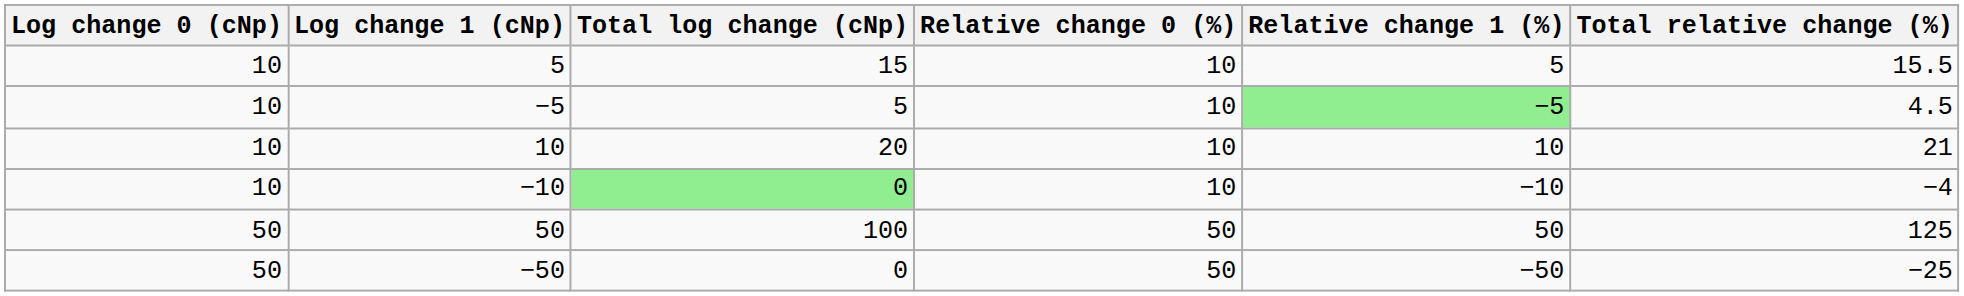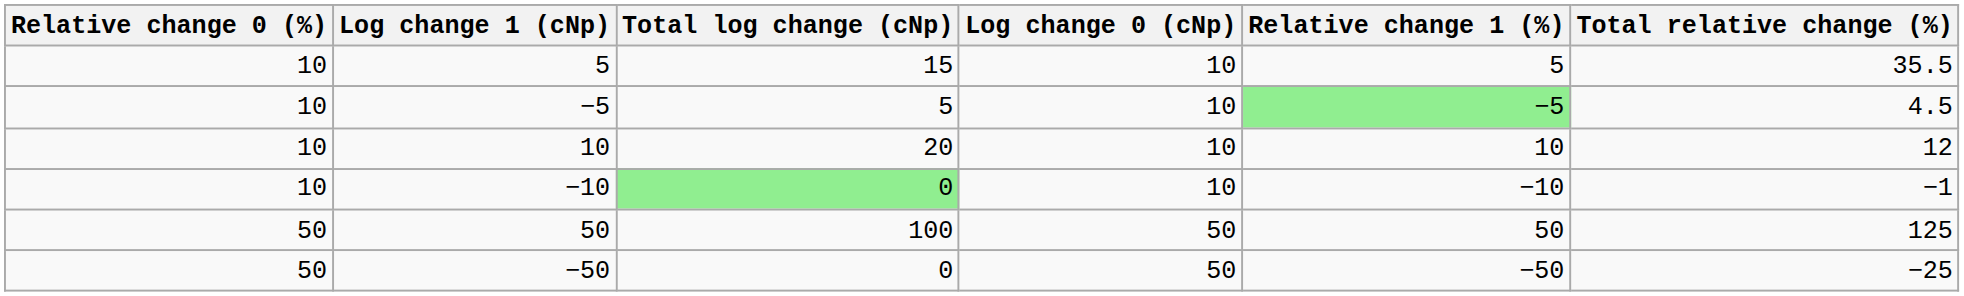 <table class="wikitable" style="text-align:right;">
 <tr>
-<th>Log change 0 (cNp)</th>
+<th>Relative change 0 (%)</th>
 <th>Log change 1 (cNp)</th>
 <th>Total log change (cNp)</th>
-<th>Relative change 0 (%)</th>
+<th>Log change 0 (cNp)</th>
 <th>Relative change 1 (%)</th>
 <th>Total relative change (%)</th>
 </tr>
 <tr>
 <td>10</td>
 <td>5</td>
 <td>15</td>
 <td>10</td>
 <td>5</td>
-<td>15.5</td>
+<td>35.5</td>
 </tr>
 <tr>
 <td>10</td>
 <td>−5</td>
 <td>5</td>
 <td>10</td>
 <td style="background: lightgreen;">−5</td>
 <td>4.5</td>
 </tr>
 <tr>
 <td>10</td>
 <td>10</td>
 <td>20</td>
 <td>10</td>
 <td>10</td>
-<td>21</td>
+<td>12</td>
 </tr>
 <tr>
 <td>10</td>
 <td>−10</td>
 <td style="background: lightgreen;">0</td>
 <td>10</td>
 <td>−10</td>
-<td>−4</td>
+<td>−1</td>
 </tr>
 <tr>
 <td>50</td>
 <td>50</td>
 <td>100</td>
 <td>50</td>
 <td>50</td>
 <td>125</td>
 </tr>
 <tr>
 <td>50</td>
 <td>−50</td>
 <td>0</td>
 <td>50</td>
 <td>−50</td>
 <td>−25</td>
 </tr>
 </table>
